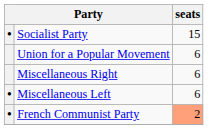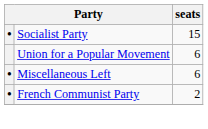 <table class="wikitable" style="font-size: 95%;">
 <tr>
 <th colspan=2>Party</th>
 <th>seats</th>
 </tr>
 <tr>
 <th style="background-color: "><span>•</span></th>
 <td><a href='#'>Socialist Party</a></td>
 <td align="right">15</td>
 </tr>
 <tr>
 <th style="background-color: "></th>
 <td><a href='#'>Union for a Popular Movement</a></td>
 <td align="right">6</td>
 </tr>
 <tr>
-<th style="background-color: "></th>
-<td><a href='#'>Miscellaneous Right</a></td>
-<td align="right">6</td>
-</tr>
-<tr>
 <th style="background-color: "><span>•</span></th>
 <td><a href='#'>Miscellaneous Left</a></td>
 <td align="right">6</td>
 </tr>
 <tr>
 <th style="background-color: "><span>•</span></th>
 <td><a href='#'>French Communist Party</a></td>
-<td align="right" style="background: lightsalmon;">2</td>
+<td align="right">2</td>
 </tr>
 <tr>
 </tr>
 </table>
